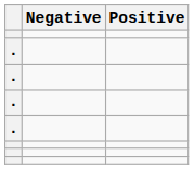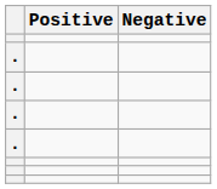 <table class="wikitable">
 <tr>
 <th> </th>
+<th>Positive</th>
 <th>Negative</th>
-<th>Positive</th>
 </tr>
 <tr>
 <th></th>
 <td></td>
 <td></td>
 </tr>
 <tr>
 <th>.</th>
 <td></td>
 <td></td>
 </tr>
 <tr>
 <th>.</th>
 <td></td>
 <td></td>
 </tr>
 <tr>
 <th>.</th>
 <td></td>
 <td></td>
 </tr>
 <tr>
 <th>.</th>
 <td></td>
 <td></td>
 </tr>
 <tr>
 <th></th>
 <td></td>
 <td></td>
 </tr>
 <tr>
 <th></th>
 <td></td>
 <td></td>
 </tr>
 <tr>
 <th></th>
 <td></td>
 <td></td>
 </tr>
 </table>
